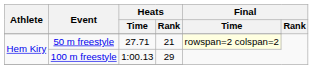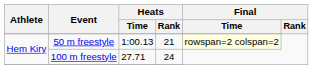 <table class="wikitable" style="font-size:90%">
 <tr>
 <th rowspan=2>Athlete</th>
 <th rowspan=2>Event</th>
 <th colspan=2>Heats</th>
 <th colspan=2>Final</th>
 </tr>
 <tr style="font-size:95%">
 <th>Time</th>
 <th>Rank</th>
 <th>Time</th>
 <th>Rank</th>
 </tr>
 <tr>
 </tr>
 <tr align=center>
 <td align=left rowspan=2><a href='#'>Hem Kiry</a></td>
 <td><a href='#'>50 m freestyle</a></td>
-<td>27.71</td>
+<td>1:00.13</td>
 <td align=center>21</td>
 <td style="background: lightyellow;">rowspan=2 colspan=2 </td>
 </tr>
 <tr>
 <td><a href='#'>100 m freestyle</a></td>
-<td>1:00.13</td>
-<td align=center>29</td>
+<td>27.71</td>
+<td align=center>24</td>
 </tr>
 <tr>
 </tr>
 </table>
